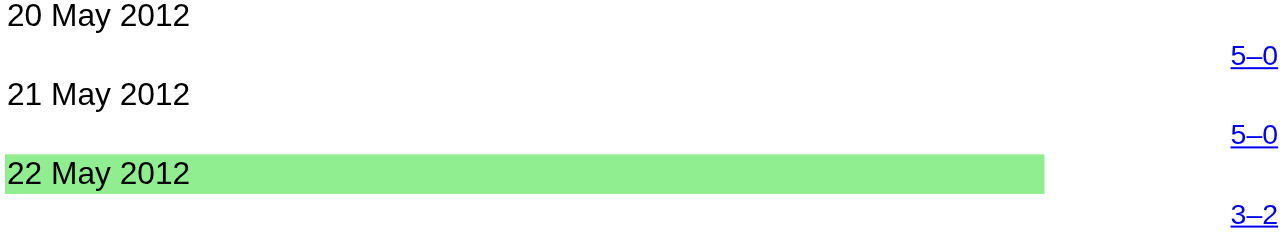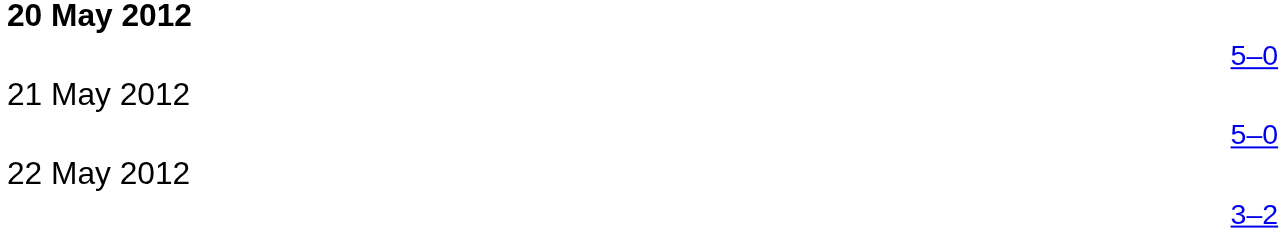 <table style="width:100%;" cellspacing="1">
 <tr>
 <th width=25%></th>
 <th width=10%></th>
 <th width=25%></th>
 </tr>
 <tr>
-<td>20 May 2012</td>
+<td><strong>20 May 2012</strong></td>
 </tr>
 <tr style=font-size:90%>
 <td align=right></td>
 <td align=center><a href='#'>5–0</a></td>
 <td></td>
 </tr>
 <tr>
 <td>21 May 2012</td>
 </tr>
 <tr style=font-size:90%>
 <td align=right></td>
 <td align=center><a href='#'>5–0</a></td>
 <td></td>
 </tr>
 <tr>
-<td style="background: lightgreen;">22 May 2012</td>
+<td>22 May 2012</td>
 </tr>
 <tr style=font-size:90%>
 <td align=right></td>
 <td align=center><a href='#'>3–2</a></td>
 <td></td>
 </tr>
 </table>
